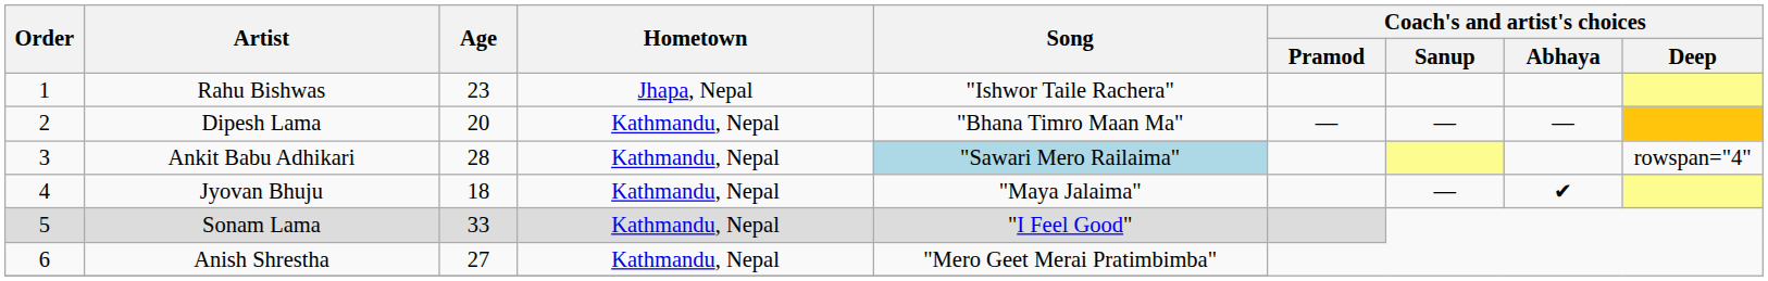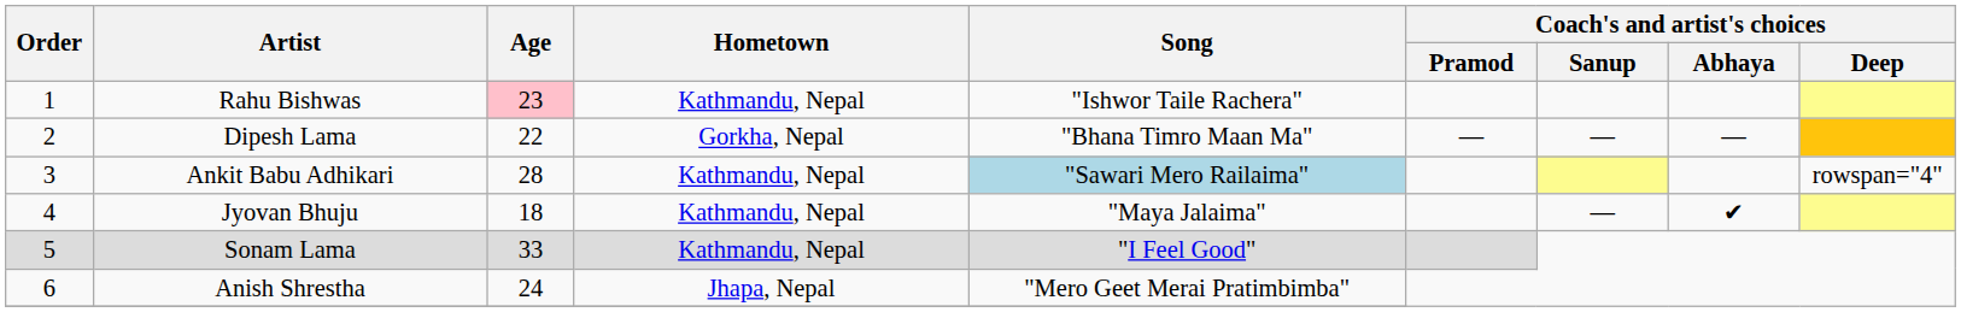 <table class="wikitable plainrowheaders" style="text-align:center; line-height:17px; width:100%;">
 <tr>
 <th rowspan="2" scope="col" style="width:04%;">Order</th>
 <th rowspan="2" scope="col" style="width:18%;">Artist</th>
 <th rowspan="2" scope="col" style="width:04%;">Age</th>
 <th rowspan="2" scope="col" style="width:18%;">Hometown</th>
 <th rowspan="2" scope="col" style="width:20%;">Song</th>
 <th colspan="4">Coach's and artist's choices</th>
 </tr>
 <tr>
 <th scope="col" style="width:06%;">Pramod</th>
 <th scope="col" style="width:06%;">Sanup</th>
 <th scope="col" style="width:06%;">Abhaya</th>
 <th scope="col" style="width:06%;">Deep</th>
 </tr>
 <tr>
 <td scope="row">1</td>
 <td>Rahu Bishwas</td>
-<td>23</td>
-<td><a href='#'>Jhapa</a>, Nepal</td>
+<td style="background: pink;">23</td>
+<td><a href='#'>Kathmandu</a>, Nepal</td>
 <td>"Ishwor Taile Rachera"</td>
 <td><strong></strong></td>
 <td><strong></strong></td>
 <td><strong></strong></td>
 <td style="background:#fdfd8f; "><strong></strong></td>
 </tr>
 <tr>
 <td scope="row">2</td>
 <td>Dipesh Lama</td>
-<td>20</td>
-<td><a href='#'>Kathmandu</a>, Nepal</td>
+<td>22</td>
+<td><a href='#'>Gorkha</a>, Nepal</td>
 <td>"Bhana Timro Maan Ma"</td>
 <td>—</td>
 <td>—</td>
 <td>—</td>
 <td style="background:#ffc40c; "><strong></strong></td>
 </tr>
 <tr>
 <td scope="row">3</td>
 <td>Ankit Babu Adhikari</td>
 <td>28</td>
 <td><a href='#'>Kathmandu</a>, Nepal</td>
 <td style="background: lightblue;">"Sawari Mero Railaima"</td>
 <td><strong></strong></td>
 <td style="background:#fdfc8f; "><strong></strong></td>
 <td><strong></strong></td>
 <td>rowspan="4" <strong></strong></td>
 </tr>
 <tr>
 <td scope="row">4</td>
 <td>Jyovan Bhuju</td>
 <td>18</td>
 <td><a href='#'>Kathmandu</a>, Nepal</td>
 <td>"Maya Jalaima"</td>
 <td></td>
 <td>—</td>
 <td>✔</td>
 <td style="background:#fdfc8f; "><strong></strong></td>
 </tr>
 <tr style="background:#DCDCDC;">
 <td scope="row">5</td>
 <td>Sonam Lama</td>
 <td>33</td>
 <td><a href='#'>Kathmandu</a>, Nepal</td>
 <td>"<a href='#'>I Feel Good</a>"</td>
 <td></td>
 </tr>
 <tr>
 <td scope="row">6</td>
 <td>Anish Shrestha</td>
-<td>27</td>
-<td><a href='#'>Kathmandu</a>, Nepal</td>
+<td>24</td>
+<td><a href='#'>Jhapa</a>, Nepal</td>
 <td>"Mero Geet Merai Pratimbimba"</td>
 </tr>
 <tr>
 </tr>
 </table>
